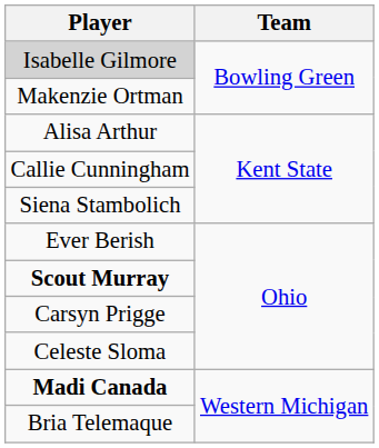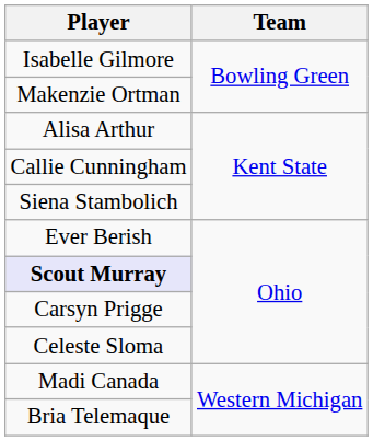 <table class="wikitable" style="text-align: center;">
 <tr>
 <th>Player</th>
 <th>Team</th>
 </tr>
 <tr>
-<td style="background: lightgrey;">Isabelle Gilmore</td>
+<td>Isabelle Gilmore</td>
 <td rowspan=2><a href='#'>Bowling Green</a></td>
 </tr>
 <tr>
 <td>Makenzie Ortman</td>
 </tr>
 <tr>
 <td>Alisa Arthur</td>
 <td rowspan=3><a href='#'>Kent State</a></td>
 </tr>
 <tr>
 <td>Callie Cunningham</td>
 </tr>
 <tr>
 <td>Siena Stambolich</td>
 </tr>
 <tr>
 <td>Ever Berish</td>
 <td rowspan=4><a href='#'>Ohio</a></td>
 </tr>
 <tr>
-<td><strong>Scout Murray</strong></td>
+<td style="background: lavender;"><strong>Scout Murray</strong></td>
 </tr>
 <tr>
 <td>Carsyn Prigge</td>
 </tr>
 <tr>
 <td>Celeste Sloma</td>
 </tr>
 <tr>
-<td><strong>Madi Canada</strong></td>
+<td>Madi Canada</td>
 <td rowspan=2><a href='#'>Western Michigan</a></td>
 </tr>
 <tr>
 <td>Bria Telemaque</td>
 </tr>
 </table>
